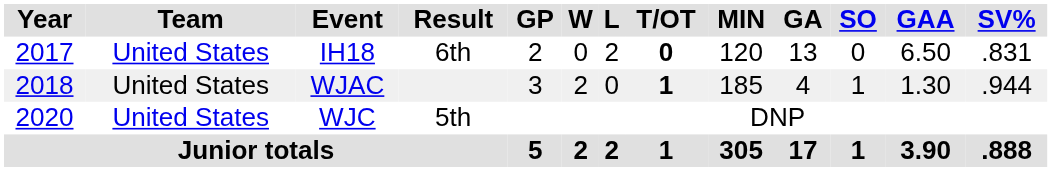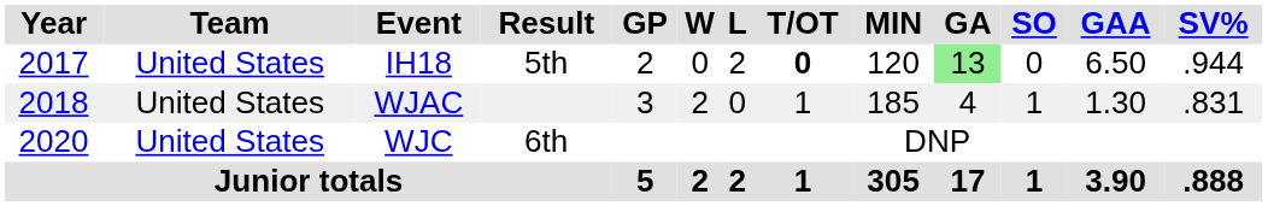 <table border="0" cellpadding="1" cellspacing="0" ID="Table3" style="text-align:center; width:40em">
 <tr bgcolor="#e0e0e0">
 <th>Year</th>
 <th>Team</th>
 <th>Event</th>
 <th>Result</th>
 <th>GP</th>
 <th>W</th>
 <th>L</th>
 <th>T/OT</th>
 <th>MIN</th>
 <th>GA</th>
 <th><a href='#'>SO</a></th>
 <th><a href='#'>GAA</a></th>
 <th><a href='#'>SV%</a></th>
 </tr>
 <tr ALIGN="center">
 <td><a href='#'>2017</a></td>
 <td><a href='#'>United States</a></td>
 <td><a href='#'>IH18</a></td>
-<td>6th</td>
+<td>5th</td>
 <td>2</td>
 <td>0</td>
 <td>2</td>
 <td><strong>0</strong></td>
 <td>120</td>
-<td>13</td>
+<td style="background: lightgreen;">13</td>
 <td>0</td>
 <td>6.50</td>
-<td>.831</td>
+<td>.944</td>
 </tr>
 <tr ALIGN="center" bgcolor="#f0f0f0">
 <td><a href='#'>2018</a></td>
 <td>United States</td>
 <td><a href='#'>WJAC</a></td>
 <td></td>
 <td>3</td>
 <td>2</td>
 <td>0</td>
-<td><strong>1</strong></td>
+<td>1</td>
 <td>185</td>
 <td>4</td>
 <td>1</td>
 <td>1.30</td>
-<td>.944</td>
+<td>.831</td>
 </tr>
 <tr ALIGN="center">
 <td><a href='#'>2020</a></td>
 <td><a href='#'>United States</a></td>
 <td><a href='#'>WJC</a></td>
-<td>5th</td>
+<td>6th</td>
 <td colspan="9">DNP</td>
 </tr>
 <tr bgcolor="#e0e0e0">
 <th colspan="4">Junior totals</th>
 <th>5</th>
 <th>2</th>
 <th>2</th>
 <th>1</th>
 <th>305</th>
 <th>17</th>
 <th>1</th>
 <th>3.90</th>
 <th>.888</th>
 </tr>
 </table>
